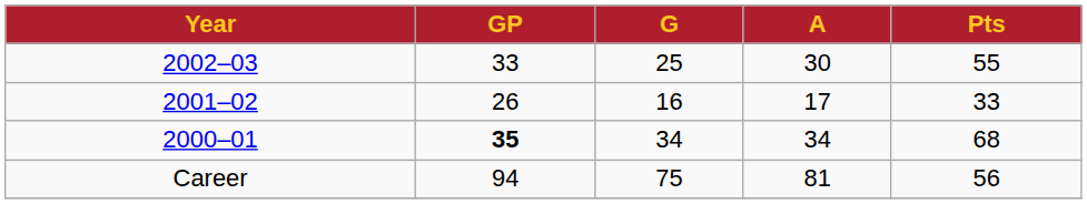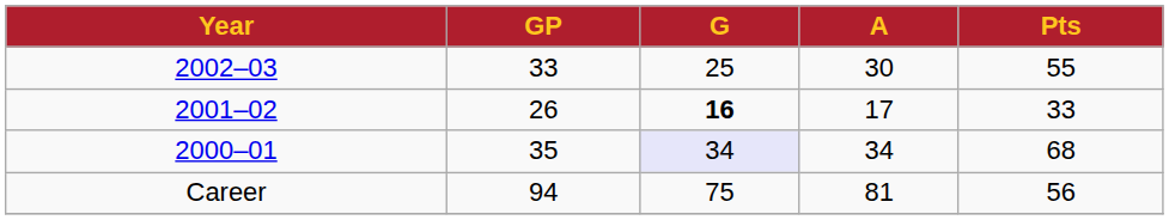 <table class="wikitable" width="80%" style="text-align:center">
 <tr style=" background:#AF1E2D;color:#FFC61E;">
 <td><strong>Year</strong></td>
 <td><strong>GP</strong></td>
 <td><strong>G</strong></td>
 <td><strong>A</strong></td>
 <td><strong>Pts</strong></td>
 </tr>
 <tr>
 <td><a href='#'>2002–03</a></td>
 <td>33</td>
 <td>25</td>
 <td>30</td>
 <td>55</td>
 </tr>
 <tr>
 <td><a href='#'>2001–02</a></td>
 <td>26</td>
-<td>16</td>
+<td><strong>16</strong></td>
 <td>17</td>
 <td>33</td>
 </tr>
 <tr>
 <td><a href='#'>2000–01</a></td>
-<td><strong>35</strong></td>
-<td>34</td>
+<td>35</td>
+<td style="background: lavender;">34</td>
 <td>34</td>
 <td>68</td>
 </tr>
 <tr>
 <td>Career</td>
 <td>94</td>
 <td>75</td>
 <td>81</td>
 <td>56</td>
 </tr>
 <tr>
 </tr>
 </table>
